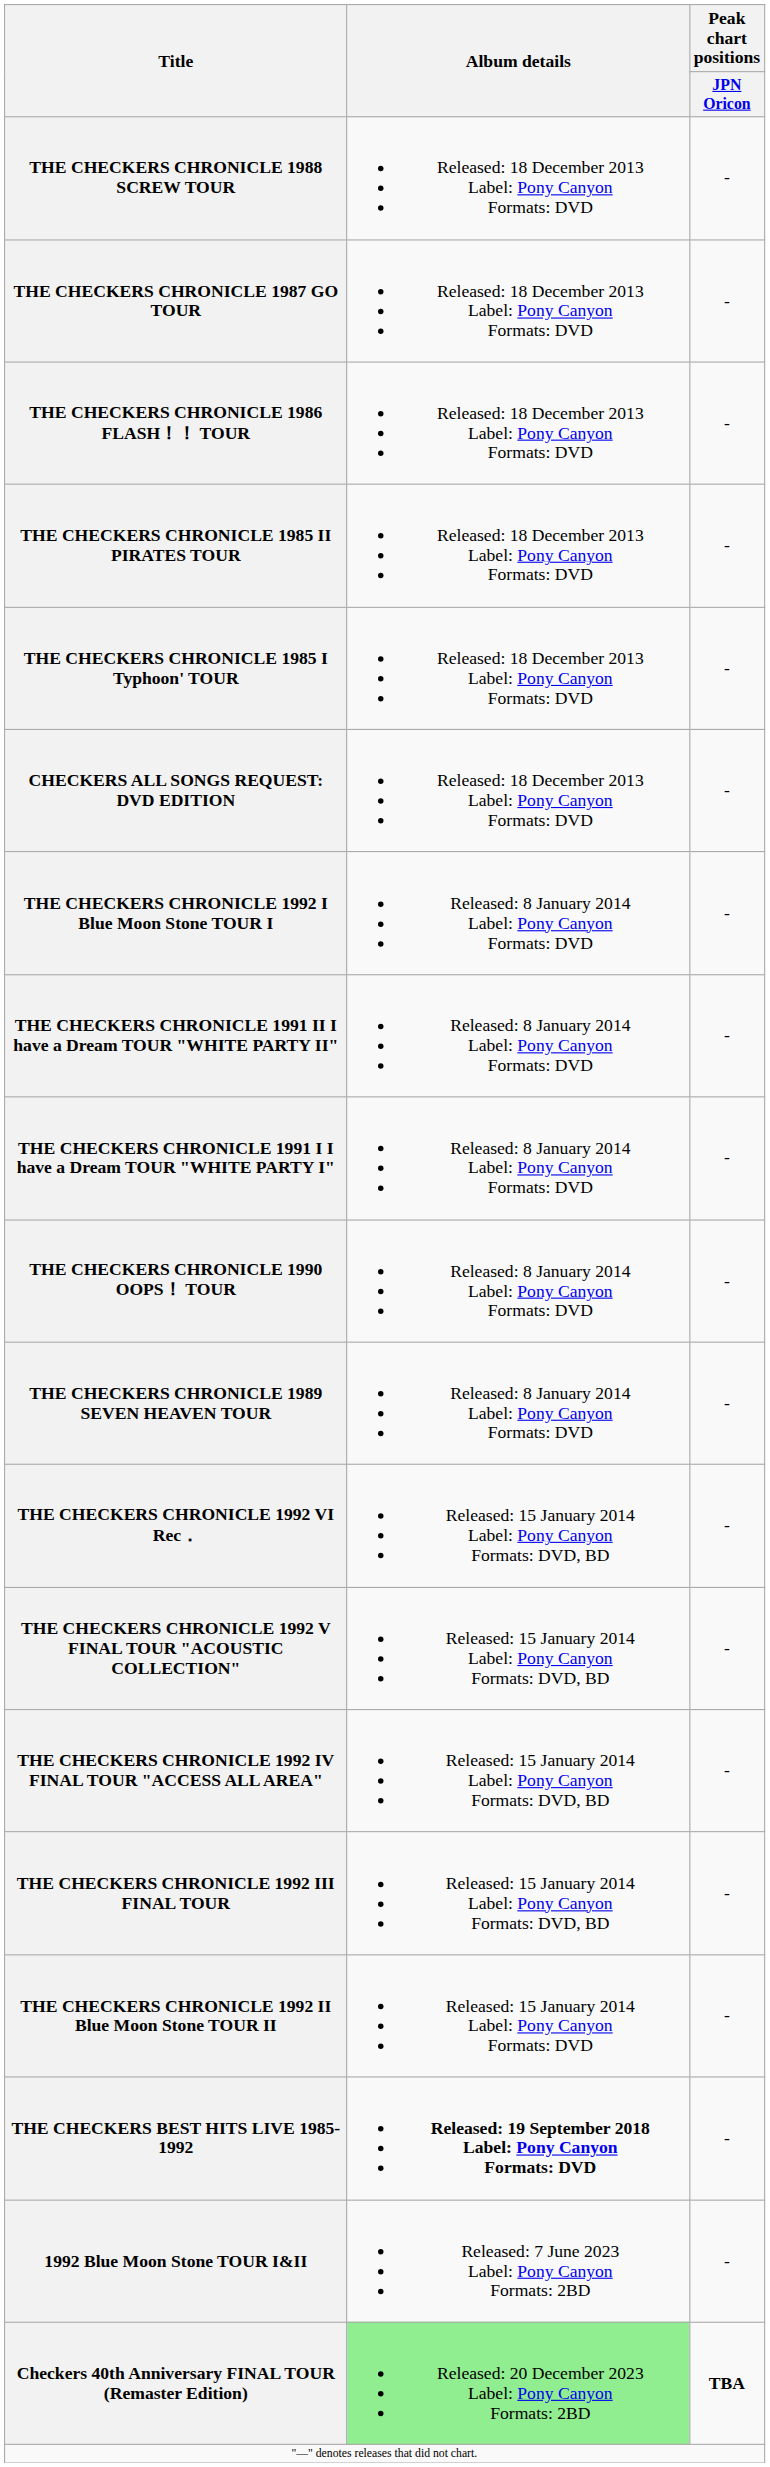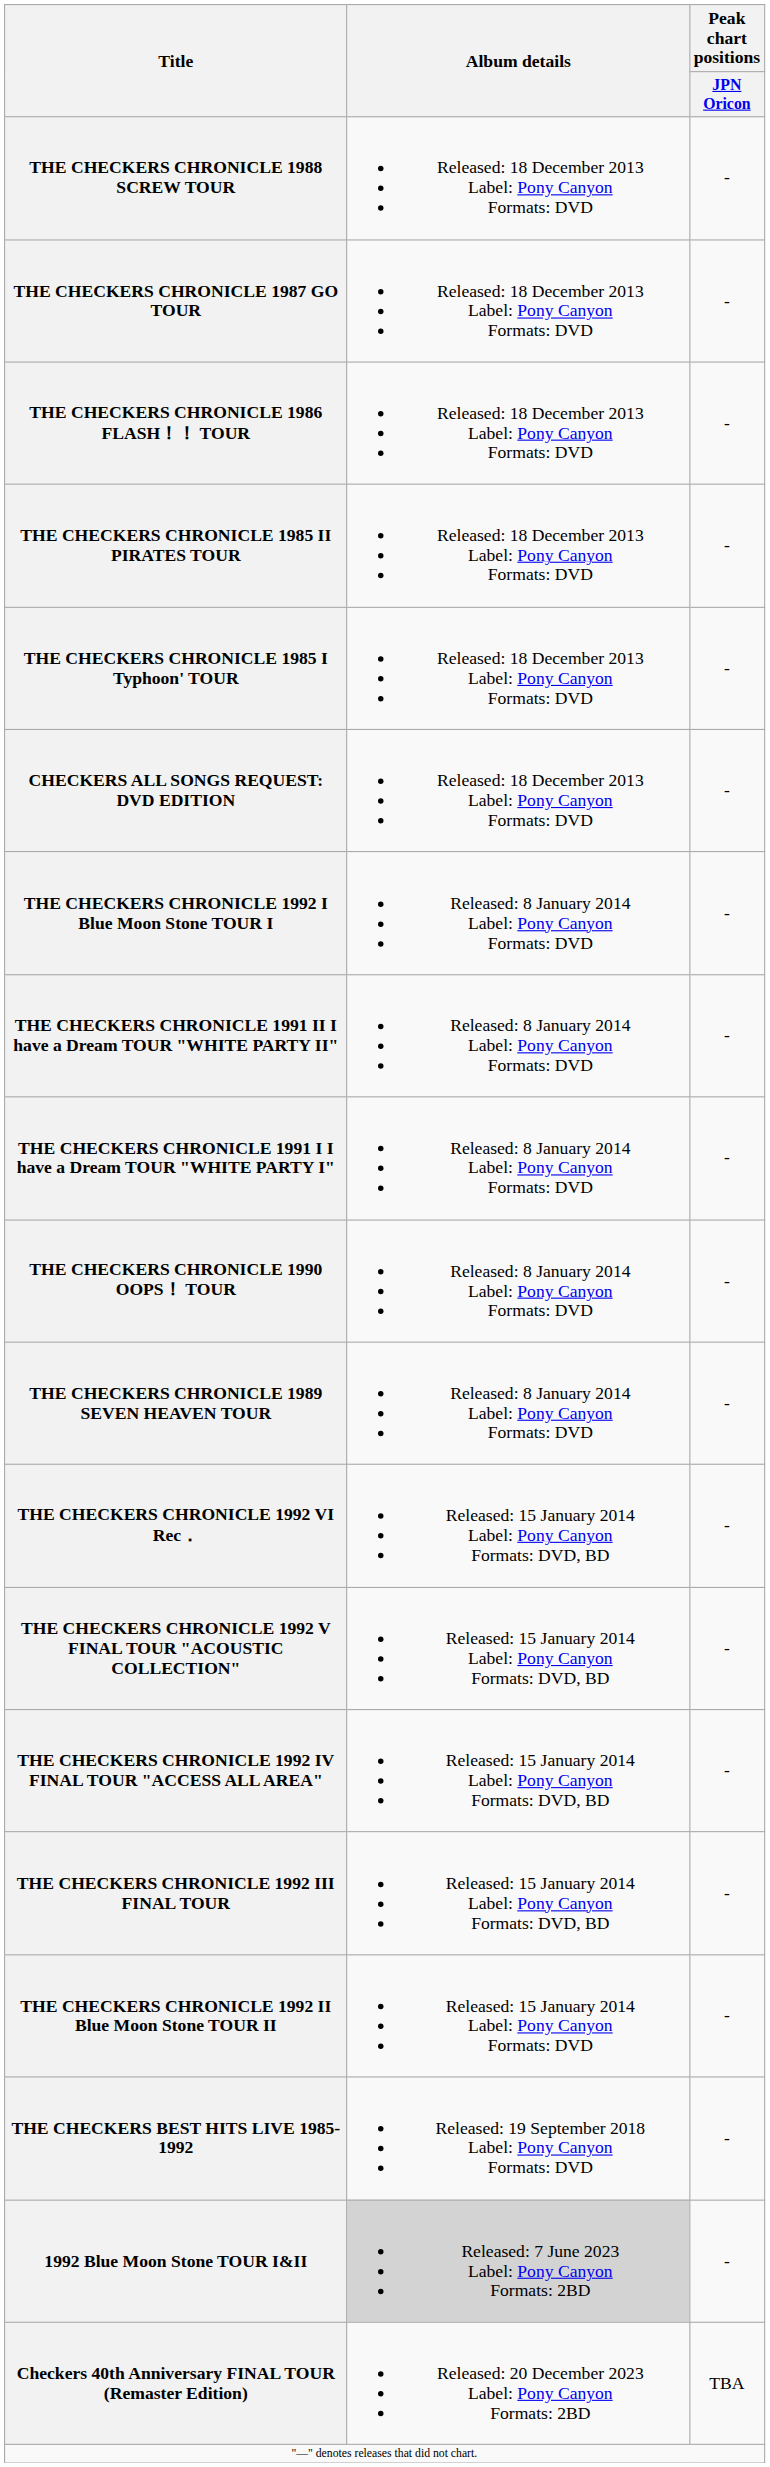 <table class="wikitable plainrowheaders" style="text-align:center;">
 <tr>
 <th scope="col" rowspan="2" style="width:19em;">Title</th>
 <th scope="col" rowspan="2" style="width:19em;">Album details</th>
 <th scope="col">Peak<br>chart<br>positions</th>
 </tr>
 <tr>
 <th scope="col" style="width:2.9em;font-size:90%;"><a href='#'>JPN<br>Oricon</a><br></th>
 </tr>
 <tr>
 <th scope="row">THE CHECKERS CHRONICLE 1988 SCREW TOUR</th>
 <td><br><ul><li>Released: 18 December 2013</li><li>Label: <a href='#'>Pony Canyon</a></li><li>Formats: DVD</li></ul></td>
 <td>-</td>
 </tr>
 <tr>
 <th scope="row">THE CHECKERS CHRONICLE 1987 GO TOUR</th>
 <td><br><ul><li>Released: 18 December 2013</li><li>Label: <a href='#'>Pony Canyon</a></li><li>Formats: DVD</li></ul></td>
 <td>-</td>
 </tr>
 <tr>
 <th scope="row">THE CHECKERS CHRONICLE 1986 FLASH！！ TOUR</th>
 <td><br><ul><li>Released: 18 December 2013</li><li>Label: <a href='#'>Pony Canyon</a></li><li>Formats: DVD</li></ul></td>
 <td>-</td>
 </tr>
 <tr>
 <th scope="row">THE CHECKERS CHRONICLE 1985 II PIRATES TOUR</th>
 <td><br><ul><li>Released: 18 December 2013</li><li>Label: <a href='#'>Pony Canyon</a></li><li>Formats: DVD</li></ul></td>
 <td>-</td>
 </tr>
 <tr>
 <th scope="row">THE CHECKERS CHRONICLE 1985 I Typhoon' TOUR</th>
 <td><br><ul><li>Released: 18 December 2013</li><li>Label: <a href='#'>Pony Canyon</a></li><li>Formats: DVD</li></ul></td>
 <td>-</td>
 </tr>
 <tr>
 <th scope="row">CHECKERS ALL SONGS REQUEST: DVD EDITION</th>
 <td><br><ul><li>Released: 18 December 2013</li><li>Label: <a href='#'>Pony Canyon</a></li><li>Formats: DVD</li></ul></td>
 <td>-</td>
 </tr>
 <tr>
 <th scope="row">THE CHECKERS CHRONICLE 1992 I Blue Moon Stone TOUR I</th>
 <td><br><ul><li>Released: 8 January 2014</li><li>Label: <a href='#'>Pony Canyon</a></li><li>Formats: DVD</li></ul></td>
 <td>-</td>
 </tr>
 <tr>
 <th scope="row">THE CHECKERS CHRONICLE 1991 II I have a Dream TOUR "WHITE PARTY II"</th>
 <td><br><ul><li>Released: 8 January 2014</li><li>Label: <a href='#'>Pony Canyon</a></li><li>Formats: DVD</li></ul></td>
 <td>-</td>
 </tr>
 <tr>
 <th scope="row">THE CHECKERS CHRONICLE 1991 I I have a Dream TOUR "WHITE PARTY I"</th>
 <td><br><ul><li>Released: 8 January 2014</li><li>Label: <a href='#'>Pony Canyon</a></li><li>Formats: DVD</li></ul></td>
 <td>-</td>
 </tr>
 <tr>
 <th scope="row">THE CHECKERS CHRONICLE 1990 OOPS！ TOUR</th>
 <td><br><ul><li>Released: 8 January 2014</li><li>Label: <a href='#'>Pony Canyon</a></li><li>Formats: DVD</li></ul></td>
 <td>-</td>
 </tr>
 <tr>
 <th scope="row">THE CHECKERS CHRONICLE 1989 SEVEN HEAVEN TOUR</th>
 <td><br><ul><li>Released: 8 January 2014</li><li>Label: <a href='#'>Pony Canyon</a></li><li>Formats: DVD</li></ul></td>
 <td>-</td>
 </tr>
 <tr>
 <th scope="row">THE CHECKERS CHRONICLE 1992 VI Rec．</th>
 <td><br><ul><li>Released: 15 January 2014</li><li>Label: <a href='#'>Pony Canyon</a></li><li>Formats: DVD, BD</li></ul></td>
 <td>-</td>
 </tr>
 <tr>
 <th scope="row">THE CHECKERS CHRONICLE 1992 V FINAL TOUR "ACOUSTIC COLLECTION"</th>
 <td><br><ul><li>Released: 15 January 2014</li><li>Label: <a href='#'>Pony Canyon</a></li><li>Formats: DVD, BD</li></ul></td>
 <td>-</td>
 </tr>
 <tr>
 <th scope="row">THE CHECKERS CHRONICLE 1992 IV FINAL TOUR "ACCESS ALL AREA"</th>
 <td><br><ul><li>Released: 15 January 2014</li><li>Label: <a href='#'>Pony Canyon</a></li><li>Formats: DVD, BD</li></ul></td>
 <td>-</td>
 </tr>
 <tr>
 <th scope="row">THE CHECKERS CHRONICLE 1992 III FINAL TOUR</th>
 <td><br><ul><li>Released: 15 January 2014</li><li>Label: <a href='#'>Pony Canyon</a></li><li>Formats: DVD, BD</li></ul></td>
 <td>-</td>
 </tr>
 <tr>
 <th scope="row">THE CHECKERS CHRONICLE 1992 II Blue Moon Stone TOUR II</th>
 <td><br><ul><li>Released: 15 January 2014</li><li>Label: <a href='#'>Pony Canyon</a></li><li>Formats: DVD</li></ul></td>
 <td>-</td>
 </tr>
 <tr>
 <th scope="row">THE CHECKERS BEST HITS LIVE 1985-1992</th>
-<td><strong><br><ul><li>Released: 19 September 2018</li><li>Label: <a href='#'>Pony Canyon</a></li><li>Formats: DVD</li></ul></strong></td>
+<td><br><ul><li>Released: 19 September 2018</li><li>Label: <a href='#'>Pony Canyon</a></li><li>Formats: DVD</li></ul></td>
 <td>-</td>
 </tr>
 <tr>
 <th scope="row">1992 Blue Moon Stone TOUR I&II</th>
-<td><br><ul><li>Released: 7 June 2023</li><li>Label: <a href='#'>Pony Canyon</a></li><li>Formats: 2BD</li></ul></td>
+<td style="background: lightgrey;"><br><ul><li>Released: 7 June 2023</li><li>Label: <a href='#'>Pony Canyon</a></li><li>Formats: 2BD</li></ul></td>
 <td>-</td>
 </tr>
 <tr>
 <th scope="row">Checkers 40th Anniversary FINAL TOUR (Remaster Edition)</th>
-<td style="background: lightgreen;"><br><ul><li>Released: 20 December 2023</li><li>Label: <a href='#'>Pony Canyon</a></li><li>Formats: 2BD</li></ul></td>
-<td><strong>TBA</strong></td>
+<td><br><ul><li>Released: 20 December 2023</li><li>Label: <a href='#'>Pony Canyon</a></li><li>Formats: 2BD</li></ul></td>
+<td>TBA</td>
 </tr>
 <tr>
 <td align="center" colspan="4" style="font-size: 8pt">"—" denotes releases that did not chart.</td>
 </tr>
 </table>
